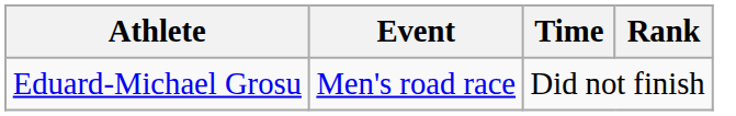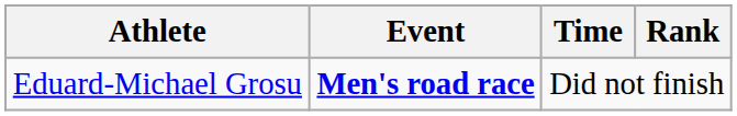 <table class=wikitable style=font-size:90%;text-align:center>
 <tr>
 <th>Athlete</th>
 <th>Event</th>
 <th>Time</th>
 <th>Rank</th>
 </tr>
 <tr>
 <td align=left><a href='#'>Eduard-Michael Grosu</a></td>
-<td align=left><a href='#'>Men's road race</a></td>
+<td align=left><strong><a href='#'>Men's road race</a></strong></td>
 <td colspan=2>Did not finish</td>
 </tr>
 </table>
